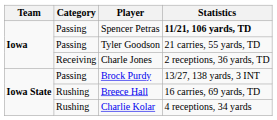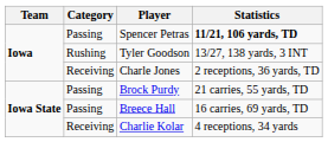 <table class="wikitable" style="float: left;">
 <tr>
 <th>Team</th>
 <th>Category</th>
 <th>Player</th>
 <th>Statistics</th>
 </tr>
 <tr>
 <td rowspan=3><strong>Iowa</strong></td>
 <td>Passing</td>
 <td>Spencer Petras</td>
 <td><strong>11/21, 106 yards, TD</strong></td>
 </tr>
 <tr>
-<td>Passing</td>
+<td>Rushing</td>
 <td>Tyler Goodson</td>
-<td>21 carries, 55 yards, TD</td>
+<td>13/27, 138 yards, 3 INT</td>
 </tr>
 <tr>
 <td>Receiving</td>
 <td>Charle Jones</td>
 <td>2 receptions, 36 yards, TD</td>
 </tr>
 <tr>
 <td rowspan=3><strong>Iowa State</strong></td>
 <td>Passing</td>
 <td><a href='#'>Brock Purdy</a></td>
-<td>13/27, 138 yards, 3 INT</td>
+<td>21 carries, 55 yards, TD</td>
 </tr>
 <tr>
-<td>Rushing</td>
+<td>Passing</td>
 <td><a href='#'>Breece Hall</a></td>
 <td>16 carries, 69 yards, TD</td>
 </tr>
 <tr>
-<td>Rushing</td>
+<td>Receiving</td>
 <td><a href='#'>Charlie Kolar</a></td>
 <td>4 receptions, 34 yards</td>
 </tr>
 </table>
